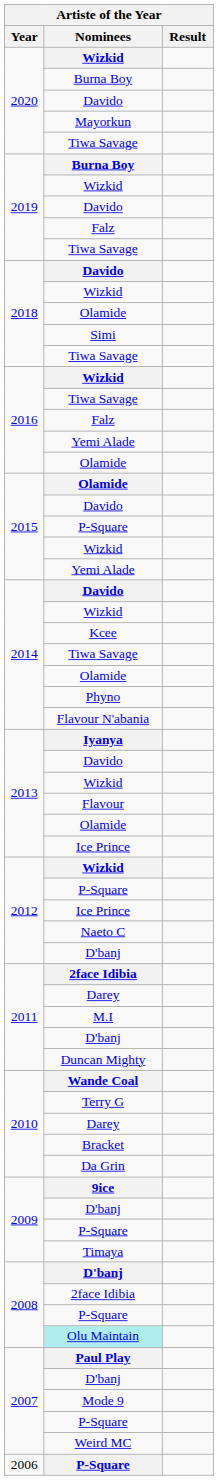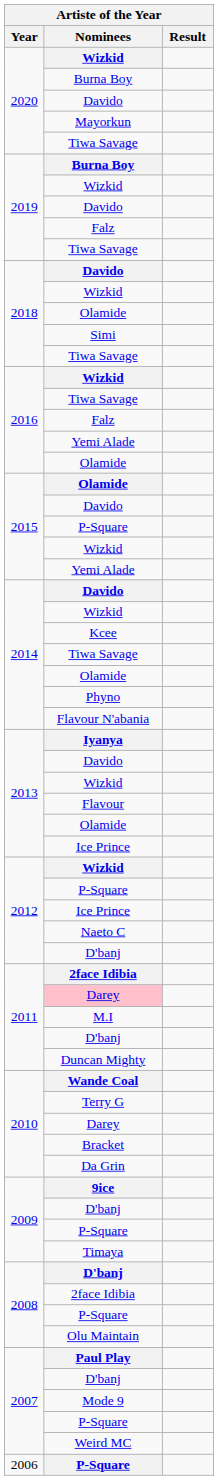 <table class="wikitable"  style="text-align:center; width:40%;">
 <tr>
 <th colspan="4">Artiste of the Year</th>
 </tr>
 <tr>
 <th>Year</th>
 <th>Nominees</th>
 <th>Result</th>
 </tr>
 <tr>
 <td rowspan="5"><a href='#'>2020</a></td>
 <th><a href='#'>Wizkid</a></th>
 <td></td>
 </tr>
 <tr>
 <td><a href='#'>Burna Boy</a></td>
 <td></td>
 </tr>
 <tr>
 <td><a href='#'>Davido</a></td>
 <td></td>
 </tr>
 <tr>
 <td><a href='#'>Mayorkun</a></td>
 <td></td>
 </tr>
 <tr>
 <td><a href='#'>Tiwa Savage</a></td>
 <td></td>
 </tr>
 <tr>
 <td rowspan="5"><a href='#'>2019</a></td>
 <th><a href='#'>Burna Boy</a></th>
 <td></td>
 </tr>
 <tr>
 <td><a href='#'>Wizkid</a></td>
 <td></td>
 </tr>
 <tr>
 <td><a href='#'>Davido</a></td>
 <td></td>
 </tr>
 <tr>
 <td><a href='#'>Falz</a></td>
 <td></td>
 </tr>
 <tr>
 <td><a href='#'>Tiwa Savage</a></td>
 <td></td>
 </tr>
 <tr>
 <td rowspan="5"><a href='#'>2018</a></td>
 <th><a href='#'>Davido</a></th>
 <td></td>
 </tr>
 <tr>
 <td><a href='#'>Wizkid</a></td>
 <td></td>
 </tr>
 <tr>
 <td><a href='#'>Olamide</a></td>
 <td></td>
 </tr>
 <tr>
 <td><a href='#'>Simi</a></td>
 <td></td>
 </tr>
 <tr>
 <td><a href='#'>Tiwa Savage</a></td>
 <td></td>
 </tr>
 <tr>
 <td rowspan="5"><a href='#'>2016</a></td>
 <th><a href='#'>Wizkid</a></th>
 <td></td>
 </tr>
 <tr>
 <td><a href='#'>Tiwa Savage</a></td>
 <td></td>
 </tr>
 <tr>
 <td><a href='#'>Falz</a></td>
 <td></td>
 </tr>
 <tr>
 <td><a href='#'>Yemi Alade</a></td>
 <td></td>
 </tr>
 <tr>
 <td><a href='#'>Olamide</a></td>
 <td></td>
 </tr>
 <tr>
 <td rowspan="5"><a href='#'>2015</a></td>
 <th><a href='#'>Olamide</a></th>
 <td></td>
 </tr>
 <tr>
 <td><a href='#'>Davido</a></td>
 <td></td>
 </tr>
 <tr>
 <td><a href='#'>P-Square</a></td>
 <td></td>
 </tr>
 <tr>
 <td><a href='#'>Wizkid</a></td>
 <td></td>
 </tr>
 <tr>
 <td><a href='#'>Yemi Alade</a></td>
 <td></td>
 </tr>
 <tr>
 <td rowspan="7"><a href='#'>2014</a></td>
 <th><a href='#'>Davido</a></th>
 <td></td>
 </tr>
 <tr>
 <td><a href='#'>Wizkid</a></td>
 <td></td>
 </tr>
 <tr>
 <td><a href='#'>Kcee</a></td>
 <td></td>
 </tr>
 <tr>
 <td><a href='#'>Tiwa Savage</a></td>
 <td></td>
 </tr>
 <tr>
 <td><a href='#'>Olamide</a></td>
 <td></td>
 </tr>
 <tr>
 <td><a href='#'>Phyno</a></td>
 <td></td>
 </tr>
 <tr>
 <td><a href='#'>Flavour N'abania</a></td>
 <td></td>
 </tr>
 <tr>
 <td rowspan="6"><a href='#'>2013</a></td>
 <th><a href='#'>Iyanya</a></th>
 <td></td>
 </tr>
 <tr>
 <td><a href='#'>Davido</a></td>
 <td></td>
 </tr>
 <tr>
 <td><a href='#'>Wizkid</a></td>
 <td></td>
 </tr>
 <tr>
 <td><a href='#'>Flavour</a></td>
 <td></td>
 </tr>
 <tr>
 <td><a href='#'>Olamide</a></td>
 <td></td>
 </tr>
 <tr>
 <td><a href='#'>Ice Prince</a></td>
 <td></td>
 </tr>
 <tr>
 <td rowspan="5"><a href='#'>2012</a></td>
 <th><a href='#'>Wizkid</a></th>
 <td></td>
 </tr>
 <tr>
 <td><a href='#'>P-Square</a></td>
 <td></td>
 </tr>
 <tr>
 <td><a href='#'>Ice Prince</a></td>
 <td></td>
 </tr>
 <tr>
 <td><a href='#'>Naeto C</a></td>
 <td></td>
 </tr>
 <tr>
 <td><a href='#'>D'banj</a></td>
 <td></td>
 </tr>
 <tr>
 <td rowspan="5"><a href='#'>2011</a></td>
 <th><a href='#'>2face Idibia</a></th>
 <td></td>
 </tr>
 <tr>
-<td><a href='#'>Darey</a></td>
+<td style="background: pink;"><a href='#'>Darey</a></td>
 <td></td>
 </tr>
 <tr>
 <td><a href='#'>M.I</a></td>
 <td></td>
 </tr>
 <tr>
 <td><a href='#'>D'banj</a></td>
 <td></td>
 </tr>
 <tr>
 <td><a href='#'>Duncan Mighty</a></td>
 <td></td>
 </tr>
 <tr>
 <td rowspan="5"><a href='#'>2010</a></td>
 <th><a href='#'>Wande Coal</a></th>
 <td></td>
 </tr>
 <tr>
 <td><a href='#'>Terry G</a></td>
 <td></td>
 </tr>
 <tr>
 <td><a href='#'>Darey</a></td>
 <td></td>
 </tr>
 <tr>
 <td><a href='#'>Bracket</a></td>
 <td></td>
 </tr>
 <tr>
 <td><a href='#'>Da Grin</a></td>
 <td></td>
 </tr>
 <tr>
 <td rowspan="4"><a href='#'>2009</a></td>
 <th><a href='#'>9ice</a></th>
 <td></td>
 </tr>
 <tr>
 <td><a href='#'>D'banj</a></td>
 <td></td>
 </tr>
 <tr>
 <td><a href='#'>P-Square</a></td>
 <td></td>
 </tr>
 <tr>
 <td><a href='#'>Timaya</a></td>
 <td></td>
 </tr>
 <tr>
 <td rowspan="4"><a href='#'>2008</a></td>
 <th><a href='#'>D'banj</a></th>
 <td></td>
 </tr>
 <tr>
 <td><a href='#'>2face Idibia</a></td>
 <td></td>
 </tr>
 <tr>
 <td><a href='#'>P-Square</a></td>
 <td></td>
 </tr>
 <tr>
-<td style="background: paleturquoise;"><a href='#'>Olu Maintain</a></td>
+<td><a href='#'>Olu Maintain</a></td>
 <td></td>
 </tr>
 <tr>
 <td rowspan="5"><a href='#'>2007</a></td>
 <th><a href='#'>Paul Play</a></th>
 <td></td>
 </tr>
 <tr>
 <td><a href='#'>D'banj</a></td>
 <td></td>
 </tr>
 <tr>
 <td><a href='#'>Mode 9</a></td>
 <td></td>
 </tr>
 <tr>
 <td><a href='#'>P-Square</a></td>
 <td></td>
 </tr>
 <tr>
 <td><a href='#'>Weird MC</a></td>
 <td></td>
 </tr>
 <tr>
 <td>2006</td>
 <th><a href='#'>P-Square</a></th>
 <td></td>
 </tr>
 </table>
